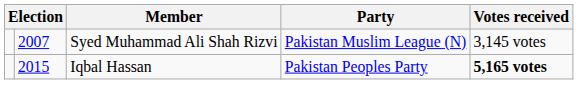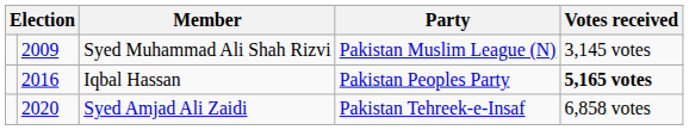 <table class="wikitable">
 <tr>
 <th colspan="2">Election</th>
 <th>Member</th>
 <th>Party</th>
 <th>Votes received</th>
 </tr>
 <tr>
 <td style="background-color: "></td>
-<td><a href='#'>2007</a></td>
+<td><a href='#'>2009</a></td>
 <td>Syed Muhammad Ali Shah Rizvi</td>
 <td><a href='#'>Pakistan Muslim League (N)</a></td>
 <td>3,145 votes</td>
 </tr>
 <tr>
 <td style="background-color: "></td>
-<td><a href='#'>2015</a></td>
+<td><a href='#'>2016</a></td>
 <td>Iqbal Hassan</td>
 <td><a href='#'>Pakistan Peoples Party</a></td>
 <td><strong>5,165 votes</strong></td>
 </tr>
+<tr>
+<td style="background-color: "></td>
+<td><a href='#'>2020</a></td>
+<td><a href='#'>Syed Amjad Ali Zaidi</a></td>
+<td><a href='#'>Pakistan Tehreek-e-Insaf</a></td>
+<td>6,858 votes</td>
+</tr>
 </table>
